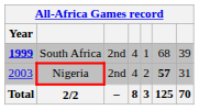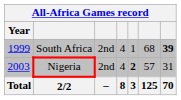 <table class="wikitable" style="text-align: center;">
 <tr>
 <th colspan=8><a href='#'>All-Africa Games record</a></th>
 </tr>
 <tr>
 <th>Year</th>
 <th></th>
 <th></th>
 <th></th>
 <th></th>
 <th></th>
 <th></th>
 </tr>
 <tr style="background:Silver;">
-<td><strong><a href='#'>1999</a></strong></td>
+<td><a href='#'>1999</a></td>
 <td>South Africa</td>
 <td> 2nd</td>
 <td>4</td>
 <td>1</td>
 <td>68</td>
-<td>39</td>
+<td><strong>39</strong></td>
 </tr>
 <tr style="background:Silver;">
 <td><a href='#'>2003</a></td>
 <td style="border: 3px solid red">Nigeria</td>
 <td> 2nd</td>
 <td>4</td>
-<td>2</td>
-<td><strong>57</strong></td>
+<td><strong>2</strong></td>
+<td>57</td>
 <td>31</td>
 </tr>
 <tr>
 <th>Total</th>
 <th>2/2</th>
 <th>–</th>
 <th>8</th>
 <th>3</th>
 <th>125</th>
 <th>70</th>
 </tr>
 </table>
